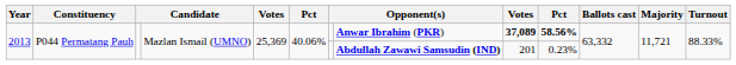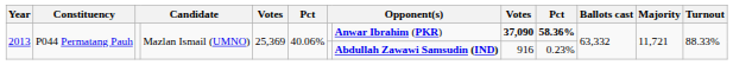 <table class="wikitable" style="margin:0.5em ; font-size:95%">
 <tr>
 <th>Year</th>
 <th>Constituency</th>
 <th colspan="2">Candidate</th>
 <th>Votes</th>
 <th>Pct</th>
 <th colspan="2">Opponent(s)</th>
 <th>Votes</th>
 <th>Pct</th>
 <th>Ballots cast</th>
 <th>Majority</th>
 <th>Turnout</th>
 </tr>
 <tr>
 <td rowspan="2"><a href='#'>2013</a></td>
 <td rowspan="2">P044 <a href='#'>Permatang Pauh</a></td>
 <td rowspan="2" ></td>
 <td rowspan="2">Mazlan Ismail (<a href='#'>UMNO</a>)</td>
 <td rowspan="2" align=right>25,369</td>
 <td rowspan="2">40.06%</td>
 <td></td>
 <td><strong><a href='#'>Anwar Ibrahim</a></strong> (<a href='#'><strong>PKR</strong></a>)</td>
-<td align=right><strong>37,089</strong></td>
-<td><strong>58.56%</strong></td>
+<td align=right><strong>37,090</strong></td>
+<td><strong>58.36%</strong></td>
 <td rowspan="2">63,332</td>
 <td rowspan="2">11,721</td>
 <td rowspan="2">88.33%</td>
 </tr>
 <tr>
 <td></td>
 <td><strong><a href='#'>Abdullah Zawawi Samsudin</a> (<a href='#'>IND</a>)</strong></td>
-<td align=right>201</td>
+<td align=right>916</td>
 <td align=right>0.23%</td>
 </tr>
 </table>
